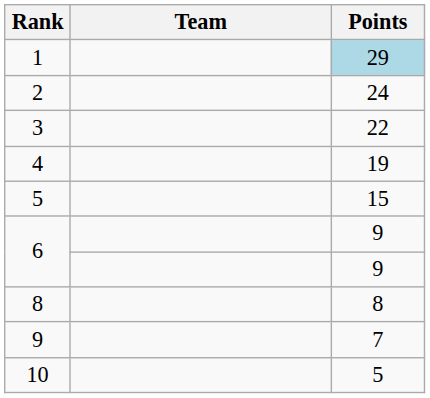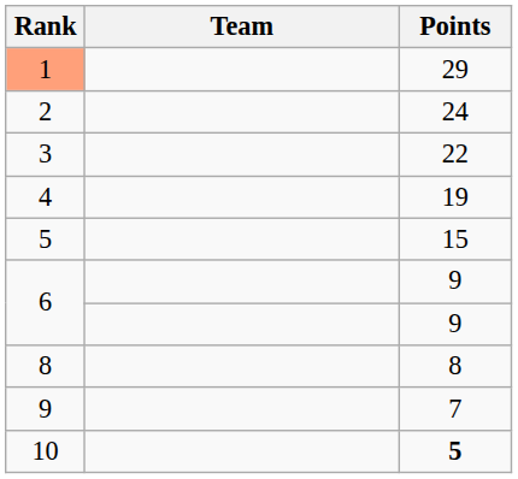 <table class="wikitable" style="text-align:center;">
 <tr>
 <th width=40>Rank</th>
 <th width=180>Team</th>
 <th width=60>Points</th>
 </tr>
 <tr>
-<td>1</td>
+<td style="background: lightsalmon;">1</td>
 <td align=left></td>
-<td style="background: lightblue;">29</td>
+<td>29</td>
 </tr>
 <tr>
 <td>2</td>
 <td align=left></td>
 <td>24</td>
 </tr>
 <tr>
 <td>3</td>
 <td align=left></td>
 <td>22</td>
 </tr>
 <tr>
 <td>4</td>
 <td align=left></td>
 <td>19</td>
 </tr>
 <tr>
 <td>5</td>
 <td align=left></td>
 <td>15</td>
 </tr>
 <tr>
 <td rowspan=2>6</td>
 <td align=left></td>
 <td>9</td>
 </tr>
 <tr>
 <td align=left></td>
 <td>9</td>
 </tr>
 <tr>
 <td>8</td>
 <td align=left></td>
 <td>8</td>
 </tr>
 <tr>
 <td>9</td>
 <td align=left></td>
 <td>7</td>
 </tr>
 <tr>
 <td>10</td>
 <td align=left></td>
-<td>5</td>
+<td><strong>5</strong></td>
 </tr>
 </table>
